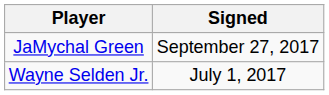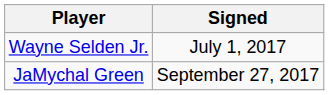 <table class="wikitable sortable sortable" style="text-align: center">
 <tr>
 <th>Player</th>
 <th>Signed</th>
 </tr>
 <tr>
+<td><a href='#'>Wayne Selden Jr.</a></td>
+<td>July 1, 2017</td>
+</tr>
+<tr>
 <td><a href='#'>JaMychal Green</a></td>
 <td>September 27, 2017</td>
 </tr>
-<tr>
-<td><a href='#'>Wayne Selden Jr.</a></td>
-<td>July 1, 2017</td>
-</tr>
 </table>
